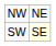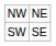 <table class="wikitable">
 <tr>
 <td>NW</td>
 <td>NE</td>
 </tr>
 <tr>
 <td>SW</td>
-<td style="background: lightyellow;">SE</td>
+<td>SE</td>
 </tr>
 </table>
